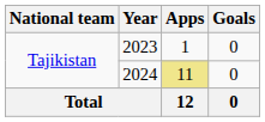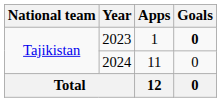 <table class="wikitable" style="text-align:center">
 <tr>
 <th>National team</th>
 <th>Year</th>
 <th>Apps</th>
 <th>Goals</th>
 </tr>
 <tr>
 <td rowspan="2"><a href='#'>Tajikistan</a></td>
 <td>2023</td>
 <td>1</td>
-<td>0</td>
+<td><strong>0</strong></td>
 </tr>
 <tr>
 <td>2024</td>
-<td style="background: khaki;">11</td>
+<td>11</td>
 <td>0</td>
 </tr>
 <tr>
 <th colspan="2">Total</th>
 <th>12</th>
 <th>0</th>
 </tr>
 </table>
